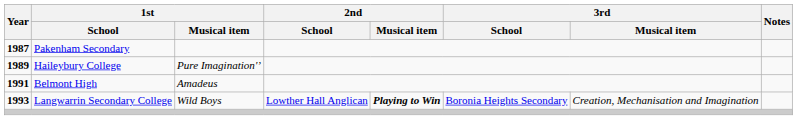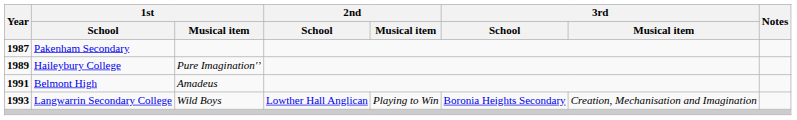 <table class="wikitable sortable">
 <tr>
 <th rowspan=2>Year</th>
 <th colspan=2>1st</th>
 <th colspan=2>2nd</th>
 <th colspan=2>3rd</th>
 <th rowspan=2>Notes</th>
 </tr>
 <tr>
 <th>School</th>
 <th>Musical item</th>
 <th>School</th>
 <th>Musical item</th>
 <th>School</th>
 <th>Musical item</th>
 </tr>
 <tr>
 <td><strong>1987</strong></td>
 <td><a href='#'>Pakenham Secondary</a></td>
 <td></td>
 <td colspan=4></td>
 <td></td>
 </tr>
 <tr>
 <td><strong>1989</strong></td>
 <td><a href='#'>Haileybury College</a></td>
 <td><em>Pure Imagination'’</em></td>
 <td colspan=4></td>
 <td></td>
 </tr>
 <tr>
 <td><strong>1991</strong></td>
 <td><a href='#'>Belmont High</a></td>
 <td><em>Amadeus</em></td>
 <td colspan="4"></td>
 <td></td>
 </tr>
 <tr 1992.  Belmont High School "JFK">
 <td><strong>1993</strong></td>
 <td><a href='#'>Langwarrin Secondary College</a></td>
 <td><em>Wild Boys</em></td>
 <td><a href='#'>Lowther Hall Anglican</a></td>
-<td><strong><em>Playing to Win</em></strong></td>
+<td><em>Playing to Win</em></td>
 <td><a href='#'>Boronia Heights Secondary</a></td>
 <td><em>Creation, Mechanisation and Imagination</em></td>
 <td></td>
 </tr>
 <tr>
 <th colspan=8 style="background: #cccccc;"></th>
 </tr>
 </table>
